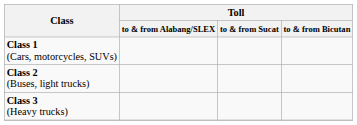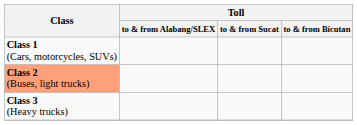 <table class="wikitable">
 <tr>
 <th rowspan=2>Class</th>
 <th colspan=3>Toll</th>
 </tr>
 <tr>
 <th><small>to & from Alabang/SLEX</small></th>
 <th><small>to & from Sucat</small></th>
 <th><small>to & from Bicutan</small></th>
 </tr>
 <tr>
 <td><strong>Class 1</strong><br>(Cars, motorcycles, SUVs)</td>
 <td></td>
 <td></td>
 <td></td>
 </tr>
 <tr>
-<td><strong>Class 2</strong><br>(Buses, light trucks)</td>
+<td style="background: lightsalmon;"><strong>Class 2</strong><br>(Buses, light trucks)</td>
 <td></td>
 <td></td>
 <td></td>
 </tr>
 <tr>
 <td><strong>Class 3</strong><br>(Heavy trucks)</td>
 <td></td>
 <td></td>
 <td></td>
 </tr>
 <tr>
 </tr>
 </table>
